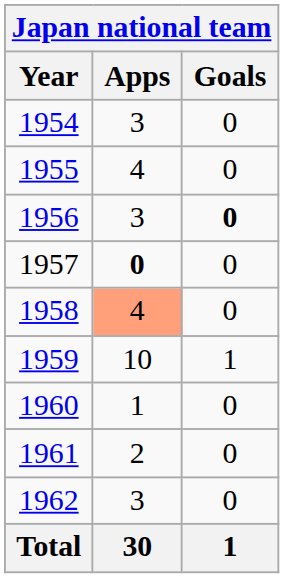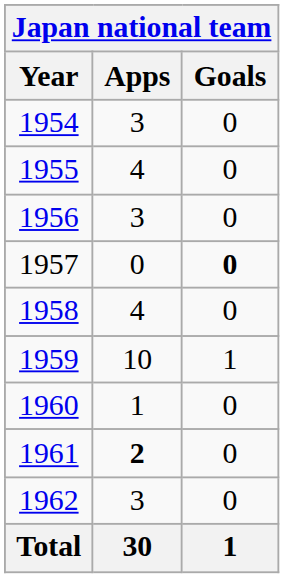 <table class="wikitable" style="text-align:center">
 <tr>
 <th colspan=3><a href='#'>Japan national team</a></th>
 </tr>
 <tr>
 <th>Year</th>
 <th>Apps</th>
 <th>Goals</th>
 </tr>
 <tr>
 <td><a href='#'>1954</a></td>
 <td>3</td>
 <td>0</td>
 </tr>
 <tr>
 <td><a href='#'>1955</a></td>
 <td>4</td>
 <td>0</td>
 </tr>
 <tr>
 <td><a href='#'>1956</a></td>
 <td>3</td>
+<td>0</td>
+</tr>
+<tr>
+<td>1957</td>
+<td>0</td>
 <td><strong>0</strong></td>
 </tr>
 <tr>
-<td>1957</td>
-<td><strong>0</strong></td>
-<td>0</td>
-</tr>
-<tr>
 <td><a href='#'>1958</a></td>
-<td style="background: lightsalmon;">4</td>
+<td>4</td>
 <td>0</td>
 </tr>
 <tr>
 <td><a href='#'>1959</a></td>
 <td>10</td>
 <td>1</td>
 </tr>
 <tr>
 <td><a href='#'>1960</a></td>
 <td>1</td>
 <td>0</td>
 </tr>
 <tr>
 <td><a href='#'>1961</a></td>
-<td>2</td>
+<td><strong>2</strong></td>
 <td>0</td>
 </tr>
 <tr>
 <td><a href='#'>1962</a></td>
 <td>3</td>
 <td>0</td>
 </tr>
 <tr>
 <th>Total</th>
 <th>30</th>
 <th>1</th>
 </tr>
 </table>
